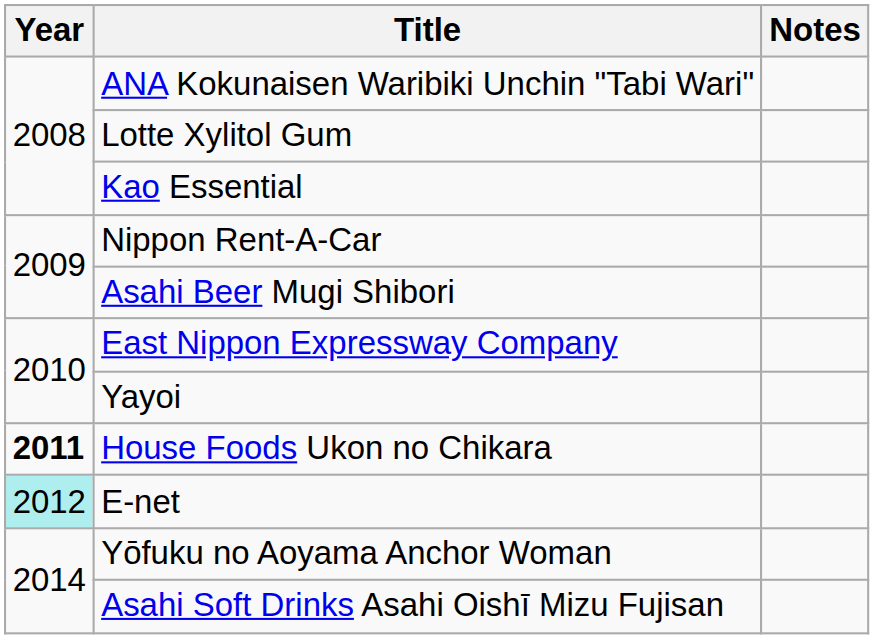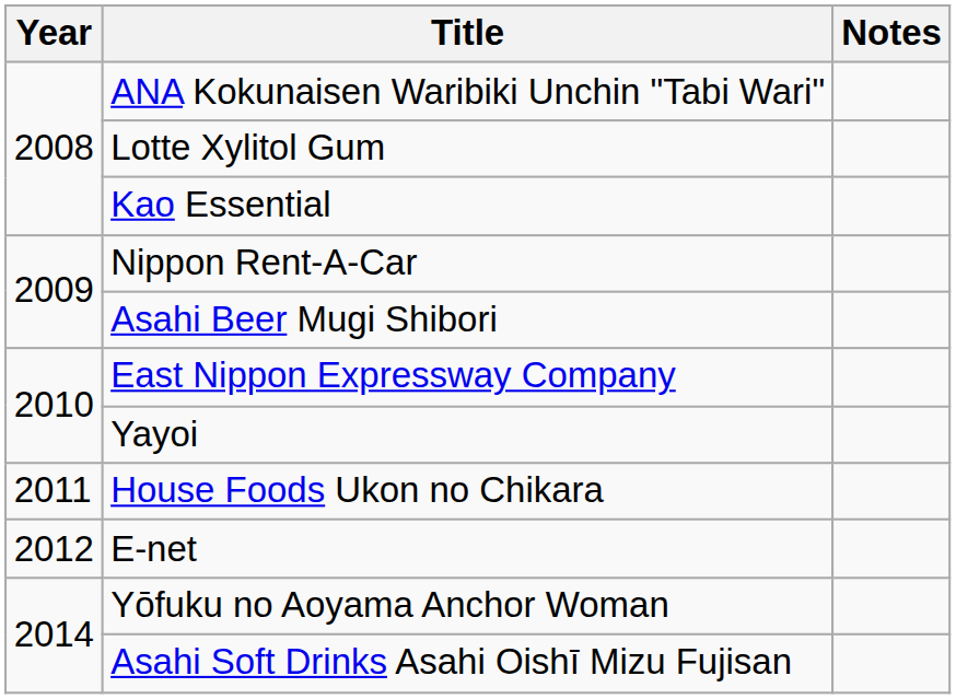 <table class="wikitable">
 <tr>
 <th>Year</th>
 <th>Title</th>
 <th>Notes</th>
 </tr>
 <tr>
 <td rowspan="3">2008</td>
 <td><a href='#'>ANA</a> Kokunaisen Waribiki Unchin "Tabi Wari"</td>
 <td></td>
 </tr>
 <tr>
 <td>Lotte Xylitol Gum</td>
 <td></td>
 </tr>
 <tr>
 <td><a href='#'>Kao</a> Essential</td>
 <td></td>
 </tr>
 <tr>
 <td rowspan="2">2009</td>
 <td>Nippon Rent-A-Car</td>
 <td></td>
 </tr>
 <tr>
 <td><a href='#'>Asahi Beer</a> Mugi Shibori</td>
 <td></td>
 </tr>
 <tr>
 <td rowspan="2">2010</td>
 <td><a href='#'>East Nippon Expressway Company</a></td>
 <td></td>
 </tr>
 <tr>
 <td>Yayoi</td>
 <td></td>
 </tr>
 <tr>
-<td><strong>2011</strong></td>
+<td>2011</td>
 <td><a href='#'>House Foods</a> Ukon no Chikara</td>
 <td></td>
 </tr>
 <tr>
-<td style="background: paleturquoise;">2012</td>
+<td>2012</td>
 <td>E-net</td>
 <td></td>
 </tr>
 <tr>
 <td rowspan="2">2014</td>
 <td>Yōfuku no Aoyama Anchor Woman</td>
 <td></td>
 </tr>
 <tr>
 <td><a href='#'>Asahi Soft Drinks</a> Asahi Oishī Mizu Fujisan</td>
 <td></td>
 </tr>
 </table>
